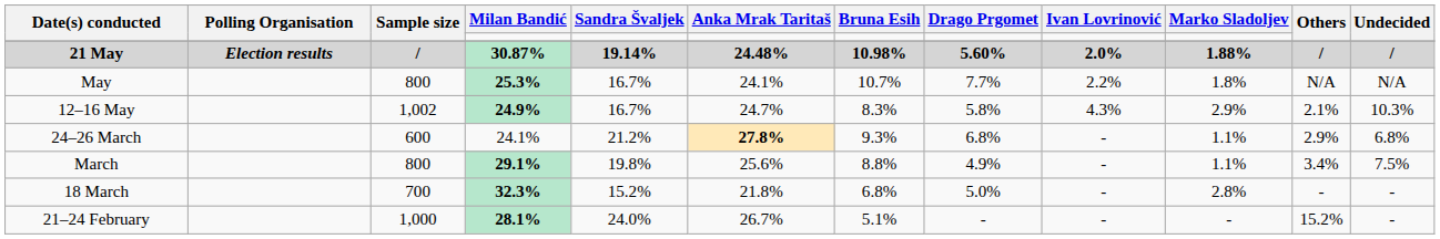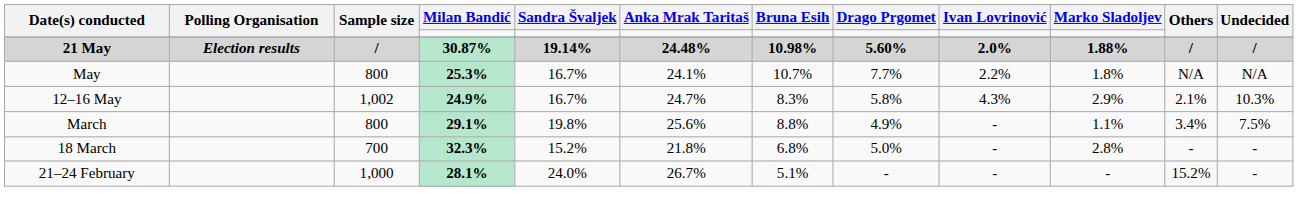 <table class="wikitable" style="text-align:center; font-size:90%;">
 <tr>
 <th style="width:150px;" rowspan=2>Date(s) conducted</th>
 <th style="width:150px;" rowspan=2>Polling Organisation</th>
 <th style="width:75px;" rowspan=2>Sample size</th>
 <th><a href='#'>Milan Bandić</a></th>
 <th><a href='#'>Sandra Švaljek</a></th>
 <th><a href='#'>Anka Mrak Taritaš</a></th>
 <th><a href='#'>Bruna Esih</a></th>
 <th><a href='#'>Drago Prgomet</a></th>
 <th><a href='#'>Ivan Lovrinović</a></th>
 <th><a href='#'>Marko Sladoljev</a></th>
 <th style="width:40px;" rowspan="2">Others</th>
 <th style="width:40px;" rowspan="2">Undecided</th>
 </tr>
 <tr>
 <td style="background: "></td>
 <td style="background: "></td>
 <td style="background: "></td>
 <td style="background: "></td>
 <td style="background: "></td>
 <td style="background: "></td>
 <td style="background: "></td>
 </tr>
 <tr>
 </tr>
 <tr style="background:#D5D5D5; font-weight:bold;">
 <td>21 May</td>
 <td><em>Election results</em></td>
 <td>/</td>
 <td style="background: #b6e7cc"><strong>30.87%</strong></td>
 <td>19.14%</td>
 <td><strong>24.48%</strong></td>
 <td>10.98%</td>
 <td>5.60%</td>
 <td>2.0%</td>
 <td>1.88%</td>
 <td>/</td>
 <td>/</td>
 </tr>
 <tr>
 <td>May</td>
 <td></td>
 <td>800</td>
 <td style="background: #b6e7cc"><strong>25.3%</strong></td>
 <td>16.7%</td>
 <td>24.1%</td>
 <td>10.7%</td>
 <td>7.7%</td>
 <td>2.2%</td>
 <td>1.8%</td>
 <td>N/A</td>
 <td>N/A</td>
 </tr>
 <tr>
 <td>12–16 May</td>
 <td></td>
 <td>1,002</td>
 <td style="background: #b6e7cc"><strong>24.9%</strong></td>
 <td>16.7%</td>
 <td>24.7%</td>
 <td>8.3%</td>
 <td>5.8%</td>
 <td>4.3%</td>
 <td>2.9%</td>
 <td>2.1%</td>
 <td>10.3%</td>
 </tr>
 <tr>
-<td>24–26 March</td>
-<td></td>
-<td>600</td>
-<td>24.1%</td>
-<td>21.2%</td>
-<td style="background: #FFE9B8"><strong>27.8%</strong></td>
-<td>9.3%</td>
-<td>6.8%</td>
-<td>-</td>
-<td>1.1%</td>
-<td>2.9%</td>
-<td>6.8%</td>
-</tr>
-<tr>
 <td>March</td>
 <td></td>
 <td>800</td>
 <td style="background: #b6e7cc"><strong>29.1%</strong></td>
 <td>19.8%</td>
 <td>25.6%</td>
 <td>8.8%</td>
 <td>4.9%</td>
 <td>-</td>
 <td>1.1%</td>
 <td>3.4%</td>
 <td>7.5%</td>
 </tr>
 <tr>
 <td>18 March</td>
 <td></td>
 <td>700</td>
 <td style="background: #b6e7cc"><strong>32.3%</strong></td>
 <td>15.2%</td>
 <td>21.8%</td>
 <td>6.8%</td>
 <td>5.0%</td>
 <td>-</td>
 <td>2.8%</td>
 <td>-</td>
 <td>-</td>
 </tr>
 <tr>
 <td>21–24 February</td>
 <td></td>
 <td>1,000</td>
 <td style="background: #b6e7cc"><strong>28.1%</strong></td>
 <td>24.0%</td>
 <td>26.7%</td>
 <td>5.1%</td>
 <td>-</td>
 <td>-</td>
 <td>-</td>
 <td>15.2%</td>
 <td>-</td>
 </tr>
 </table>
